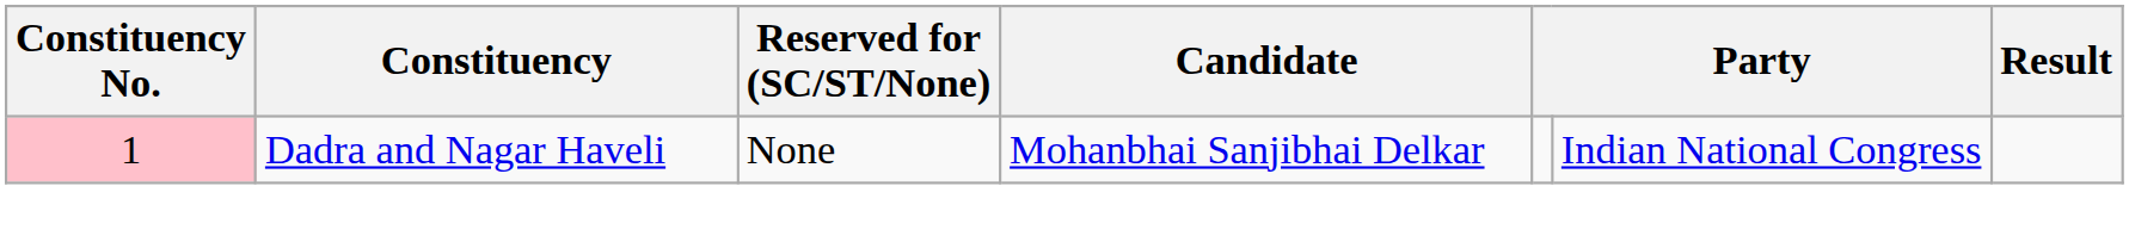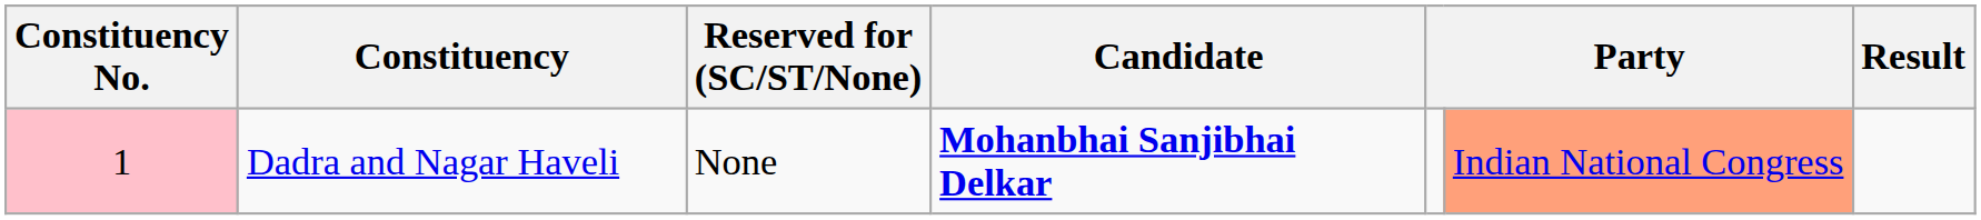 <table class= "wikitable sortable">
 <tr>
 <th>Constituency <br> No.</th>
 <th style="width:180px;">Constituency</th>
 <th>Reserved for<br>(SC/ST/None)</th>
 <th style="width:200px;">Candidate</th>
 <th colspan="2">Party</th>
 <th>Result</th>
 </tr>
 <tr>
 <td align="center" style="background: pink;">1</td>
 <td><a href='#'>Dadra and Nagar Haveli</a></td>
 <td>None</td>
-<td><a href='#'>Mohanbhai Sanjibhai Delkar</a></td>
+<td><strong><a href='#'>Mohanbhai Sanjibhai Delkar</a></strong></td>
 <td></td>
-<td><a href='#'>Indian National Congress</a></td>
+<td style="background: lightsalmon;"><a href='#'>Indian National Congress</a></td>
 <td></td>
 </tr>
 </table>
